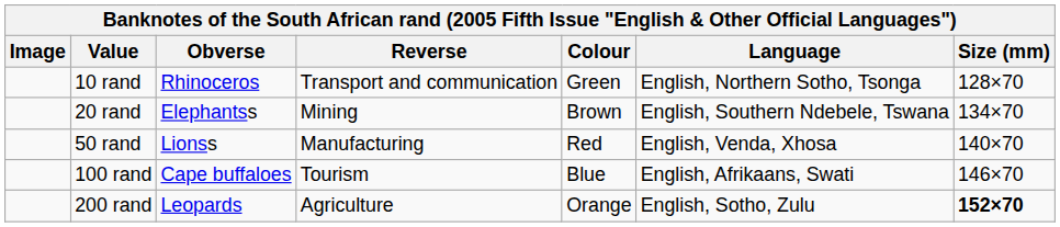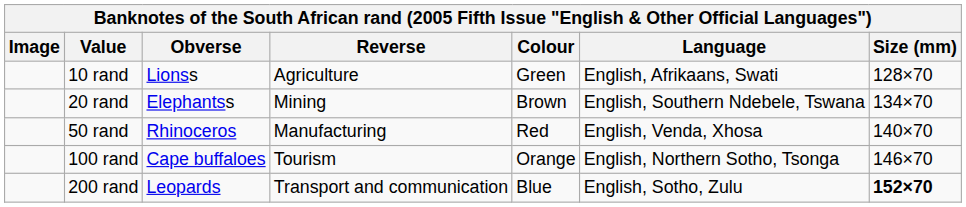 <table class="wikitable" style="font-size:100%">
 <tr>
 <th colspan="7">Banknotes of the South African rand (2005 Fifth Issue "English & Other Official Languages")</th>
 </tr>
 <tr>
 <th>Image</th>
 <th>Value</th>
 <th>Obverse</th>
 <th>Reverse</th>
 <th>Colour</th>
 <th>Language</th>
 <th>Size (mm)</th>
 </tr>
 <tr>
 <td style="text-align:center;"></td>
 <td>10 rand</td>
-<td><a href='#'>Rhinoceros</a></td>
-<td>Transport and communication</td>
+<td><a href='#'>Lions</a>s</td>
+<td>Agriculture</td>
 <td>Green</td>
-<td>English, Northern Sotho, Tsonga</td>
+<td>English, Afrikaans, Swati</td>
 <td>128×70</td>
 </tr>
 <tr>
 <td style="text-align:center;"></td>
 <td>20 rand</td>
 <td><a href='#'>Elephants</a>s</td>
 <td>Mining</td>
 <td>Brown</td>
 <td>English, Southern Ndebele, Tswana</td>
 <td>134×70</td>
 </tr>
 <tr>
 <td style="text-align:center;"></td>
 <td>50 rand</td>
-<td><a href='#'>Lions</a>s</td>
+<td><a href='#'>Rhinoceros</a></td>
 <td>Manufacturing</td>
 <td>Red</td>
 <td>English, Venda, Xhosa</td>
 <td>140×70</td>
 </tr>
 <tr>
 <td style="text-align:center;"></td>
 <td>100 rand</td>
 <td><a href='#'>Cape buffaloes</a></td>
 <td>Tourism</td>
-<td>Blue</td>
-<td>English, Afrikaans, Swati</td>
+<td>Orange</td>
+<td>English, Northern Sotho, Tsonga</td>
 <td>146×70</td>
 </tr>
 <tr>
 <td style="text-align:center;"></td>
 <td>200 rand</td>
 <td><a href='#'>Leopards</a></td>
-<td>Agriculture</td>
-<td>Orange</td>
+<td>Transport and communication</td>
+<td>Blue</td>
 <td>English, Sotho, Zulu</td>
 <td><strong>152×70</strong></td>
 </tr>
 </table>
